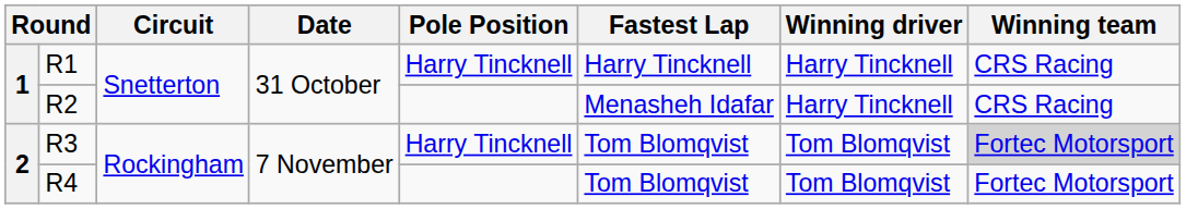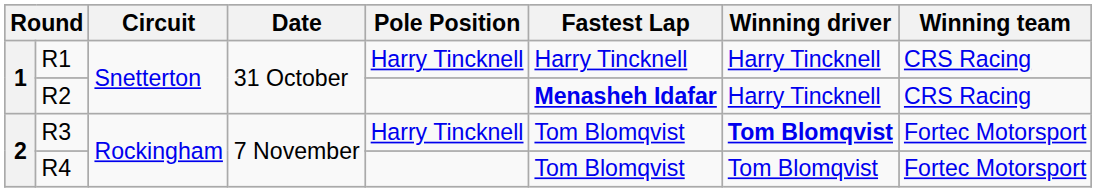 <table class="wikitable" style="font-size: 85%">
 <tr>
 <th colspan=2>Round</th>
 <th>Circuit</th>
 <th>Date</th>
 <th>Pole Position</th>
 <th>Fastest Lap</th>
 <th>Winning driver</th>
 <th>Winning team</th>
 </tr>
 <tr>
 <th rowspan=2>1</th>
 <td>R1</td>
 <td rowspan="2"><a href='#'>Snetterton</a></td>
 <td rowspan=2>31 October</td>
 <td> <a href='#'>Harry Tincknell</a></td>
 <td> <a href='#'>Harry Tincknell</a></td>
 <td> <a href='#'>Harry Tincknell</a></td>
 <td><a href='#'>CRS Racing</a></td>
 </tr>
 <tr>
 <td>R2</td>
 <td></td>
-<td> <a href='#'>Menasheh Idafar</a></td>
+<td><strong> <a href='#'>Menasheh Idafar</a></strong></td>
 <td> <a href='#'>Harry Tincknell</a></td>
 <td><a href='#'>CRS Racing</a></td>
 </tr>
 <tr>
 <th rowspan=2>2</th>
 <td>R3</td>
 <td rowspan="2"><a href='#'>Rockingham</a></td>
 <td rowspan=2>7 November</td>
 <td> <a href='#'>Harry Tincknell</a></td>
 <td> <a href='#'>Tom Blomqvist</a></td>
-<td> <a href='#'>Tom Blomqvist</a></td>
-<td style="background: lightgrey;"><a href='#'>Fortec Motorsport</a></td>
+<td><strong> <a href='#'>Tom Blomqvist</a></strong></td>
+<td><a href='#'>Fortec Motorsport</a></td>
 </tr>
 <tr>
 <td>R4</td>
 <td></td>
 <td> <a href='#'>Tom Blomqvist</a></td>
 <td> <a href='#'>Tom Blomqvist</a></td>
 <td><a href='#'>Fortec Motorsport</a></td>
 </tr>
 </table>
